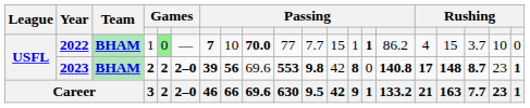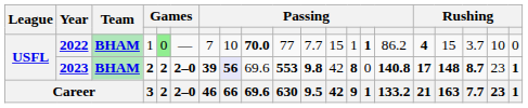 <table class="wikitable" style="text-align:center;">
 <tr>
 <th rowspan="2">League</th>
 <th rowspan="2">Year</th>
 <th rowspan="2">Team</th>
 <th colspan="3">Games</th>
 <th colspan="9">Passing</th>
 <th colspan="5">Rushing</th>
 </tr>
 <tr>
 <th></th>
 <th></th>
 <th></th>
 <th></th>
 <th></th>
 <th></th>
 <th></th>
 <th></th>
 <th></th>
 <th></th>
 <th></th>
 <th></th>
 <th></th>
 <th></th>
 <th></th>
 <th></th>
 <th></th>
 </tr>
 <tr>
 <th rowspan="2"><a href='#'>USFL</a></th>
 <th><a href='#'>2022</a></th>
 <th style="background:#afe6ba"><a href='#'>BHAM</a></th>
 <td>1</td>
 <td style="background: lightgreen;">0</td>
 <td>—</td>
-<td><strong>7</strong></td>
+<td>7</td>
 <td>10</td>
 <td><strong>70.0</strong></td>
 <td>77</td>
 <td>7.7</td>
 <td>15</td>
 <td>1</td>
 <td><strong>1</strong></td>
 <td>86.2</td>
-<td>4</td>
+<td><strong>4</strong></td>
 <td>15</td>
 <td>3.7</td>
 <td>10</td>
 <td>0</td>
 </tr>
 <tr>
 <th !><a href='#'>2023</a></th>
 <th style="background:#afe6ba"><a href='#'>BHAM</a></th>
 <td><strong>2</strong></td>
 <td><strong>2</strong></td>
 <td><strong>2–0</strong></td>
 <td><strong>39</strong></td>
-<td><strong>56</strong></td>
+<td style="background: lavender;"><strong>56</strong></td>
 <td>69.6</td>
 <td><strong>553</strong></td>
 <td><strong>9.8</strong></td>
 <td>42</td>
 <td><strong>8</strong></td>
 <td>0</td>
 <td><strong>140.8</strong></td>
 <td><strong>17</strong></td>
 <td><strong>148</strong></td>
 <td><strong>8.7</strong></td>
 <td>23</td>
 <td><strong>1</strong></td>
 </tr>
 <tr>
 <th colspan="3">Career</th>
 <th>3</th>
 <th>2</th>
 <th>2–0</th>
 <th>46</th>
 <th>66</th>
 <th>69.6</th>
 <th>630</th>
 <th>9.5</th>
 <th>42</th>
 <th>9</th>
 <th>1</th>
 <th>133.2</th>
 <th>21</th>
 <th>163</th>
 <th>7.7</th>
 <th>23</th>
 <th>1</th>
 </tr>
 </table>
